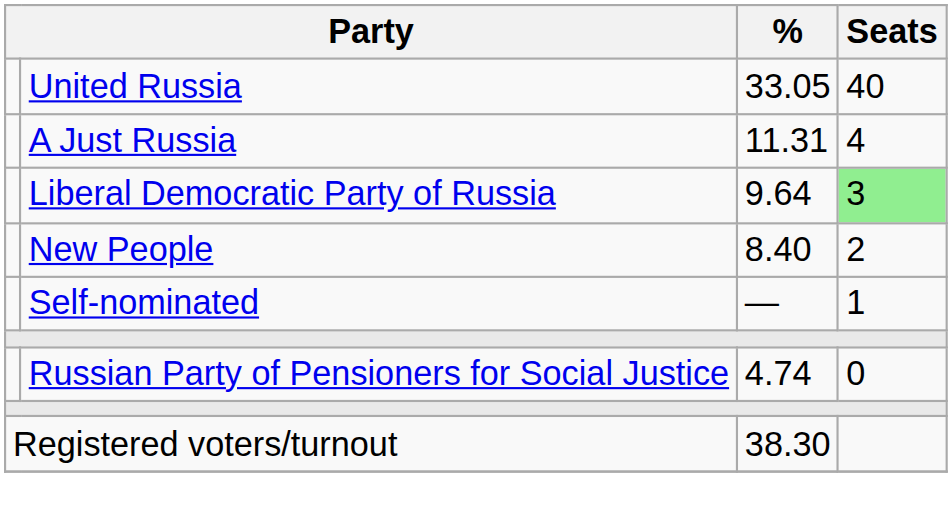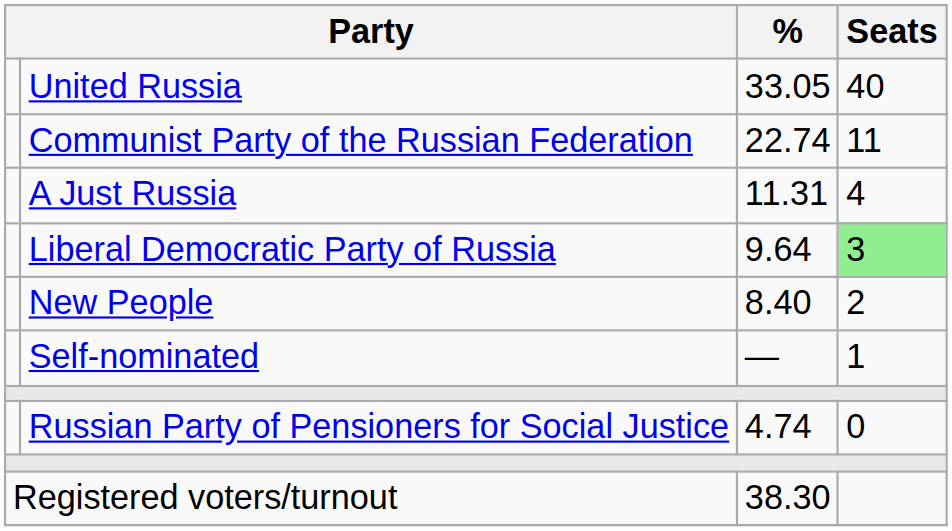 <table class="wikitable">
 <tr>
 <th colspan=2>Party</th>
 <th>%</th>
 <th>Seats</th>
 </tr>
 <tr>
 <td style="background:"></td>
 <td><a href='#'>United Russia</a></td>
 <td>33.05</td>
 <td>40</td>
+</tr>
+<tr>
+<td style="background:"></td>
+<td><a href='#'>Communist Party of the Russian Federation</a></td>
+<td>22.74</td>
+<td>11</td>
 </tr>
 <tr>
 <td style="background:"></td>
 <td><a href='#'>A Just Russia</a></td>
 <td>11.31</td>
 <td>4</td>
 </tr>
 <tr>
 <td style="background:"></td>
 <td><a href='#'>Liberal Democratic Party of Russia</a></td>
 <td>9.64</td>
 <td style="background: lightgreen;">3</td>
 </tr>
 <tr>
 <td style="background:"></td>
 <td><a href='#'>New People</a></td>
 <td>8.40</td>
 <td>2</td>
 </tr>
 <tr>
 <td style="background:"></td>
 <td><a href='#'>Self-nominated</a></td>
 <td>—</td>
 <td>1</td>
 </tr>
 <tr>
 <td colspan=4 style="background:#E9E9E9;"></td>
 </tr>
 <tr>
 <td style="background:"></td>
 <td><a href='#'>Russian Party of Pensioners for Social Justice</a></td>
 <td>4.74</td>
 <td>0</td>
 </tr>
 <tr>
 <td colspan=4 style="background:#E9E9E9;"></td>
 </tr>
 <tr>
 <td align=left colspan=2>Registered voters/turnout</td>
 <td>38.30</td>
 <td></td>
 </tr>
 <tr>
 </tr>
 </table>
